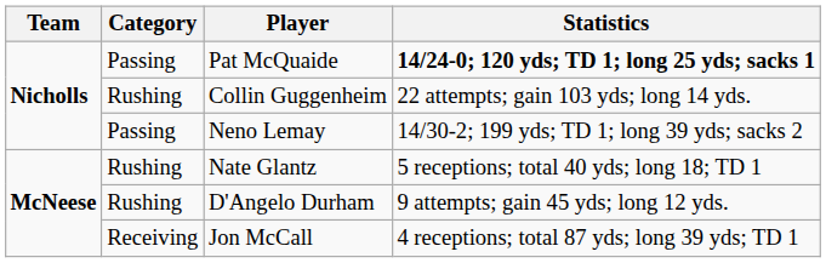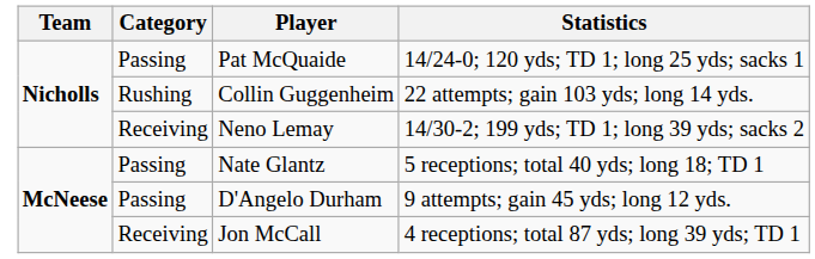 <table class="wikitable" style="float: right;">
 <tr>
 <th>Team</th>
 <th>Category</th>
 <th>Player</th>
 <th>Statistics</th>
 </tr>
 <tr>
 <td rowspan=3><strong>Nicholls</strong></td>
 <td>Passing</td>
 <td>Pat McQuaide</td>
-<td><strong>14/24-0; 120 yds; TD 1; long 25 yds; sacks 1</strong></td>
+<td>14/24-0; 120 yds; TD 1; long 25 yds; sacks 1</td>
 </tr>
 <tr>
 <td>Rushing</td>
 <td>Collin Guggenheim</td>
 <td>22 attempts; gain 103 yds; long 14 yds.</td>
 </tr>
 <tr>
-<td>Passing</td>
+<td>Receiving</td>
 <td>Neno Lemay</td>
 <td>14/30-2; 199 yds; TD 1; long 39 yds; sacks 2</td>
 </tr>
 <tr>
 <td rowspan=3><strong>McNeese</strong></td>
-<td>Rushing</td>
+<td>Passing</td>
 <td>Nate Glantz</td>
 <td>5 receptions; total 40 yds; long 18; TD 1</td>
 </tr>
 <tr>
-<td>Rushing</td>
+<td>Passing</td>
 <td>D'Angelo Durham</td>
 <td>9 attempts; gain 45 yds; long 12 yds.</td>
 </tr>
 <tr>
 <td>Receiving</td>
 <td>Jon McCall</td>
 <td>4 receptions; total 87 yds; long 39 yds; TD 1</td>
 </tr>
 </table>
